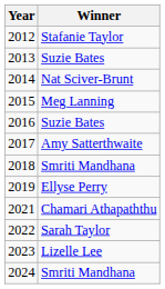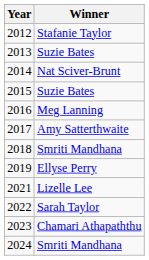 <table class="wikitable">
 <tr>
 <th>Year</th>
 <th>Winner</th>
 </tr>
 <tr>
 <td>2012</td>
 <td> <a href='#'>Stafanie Taylor</a></td>
 </tr>
 <tr>
 <td>2013</td>
 <td> <a href='#'>Suzie Bates</a></td>
 </tr>
 <tr>
 <td>2014</td>
 <td> <a href='#'>Nat Sciver-Brunt</a></td>
 </tr>
 <tr>
 <td>2015</td>
-<td> <a href='#'>Meg Lanning</a></td>
+<td> <a href='#'>Suzie Bates</a></td>
 </tr>
 <tr>
 <td>2016</td>
-<td> <a href='#'>Suzie Bates</a></td>
+<td> <a href='#'>Meg Lanning</a></td>
 </tr>
 <tr>
 <td>2017</td>
 <td> <a href='#'>Amy Satterthwaite</a></td>
 </tr>
 <tr>
 <td>2018</td>
 <td> <a href='#'>Smriti Mandhana</a></td>
 </tr>
 <tr>
 <td>2019</td>
 <td> <a href='#'>Ellyse Perry</a></td>
 </tr>
 <tr>
 <td>2021</td>
-<td> <a href='#'>Chamari Athapaththu</a></td>
+<td> <a href='#'>Lizelle Lee</a></td>
 </tr>
 <tr>
 <td>2022</td>
 <td> <a href='#'>Sarah Taylor</a></td>
 </tr>
 <tr>
 <td>2023</td>
-<td> <a href='#'>Lizelle Lee</a></td>
+<td> <a href='#'>Chamari Athapaththu</a></td>
 </tr>
 <tr>
 <td>2024</td>
 <td> <a href='#'>Smriti Mandhana</a></td>
 </tr>
 </table>
